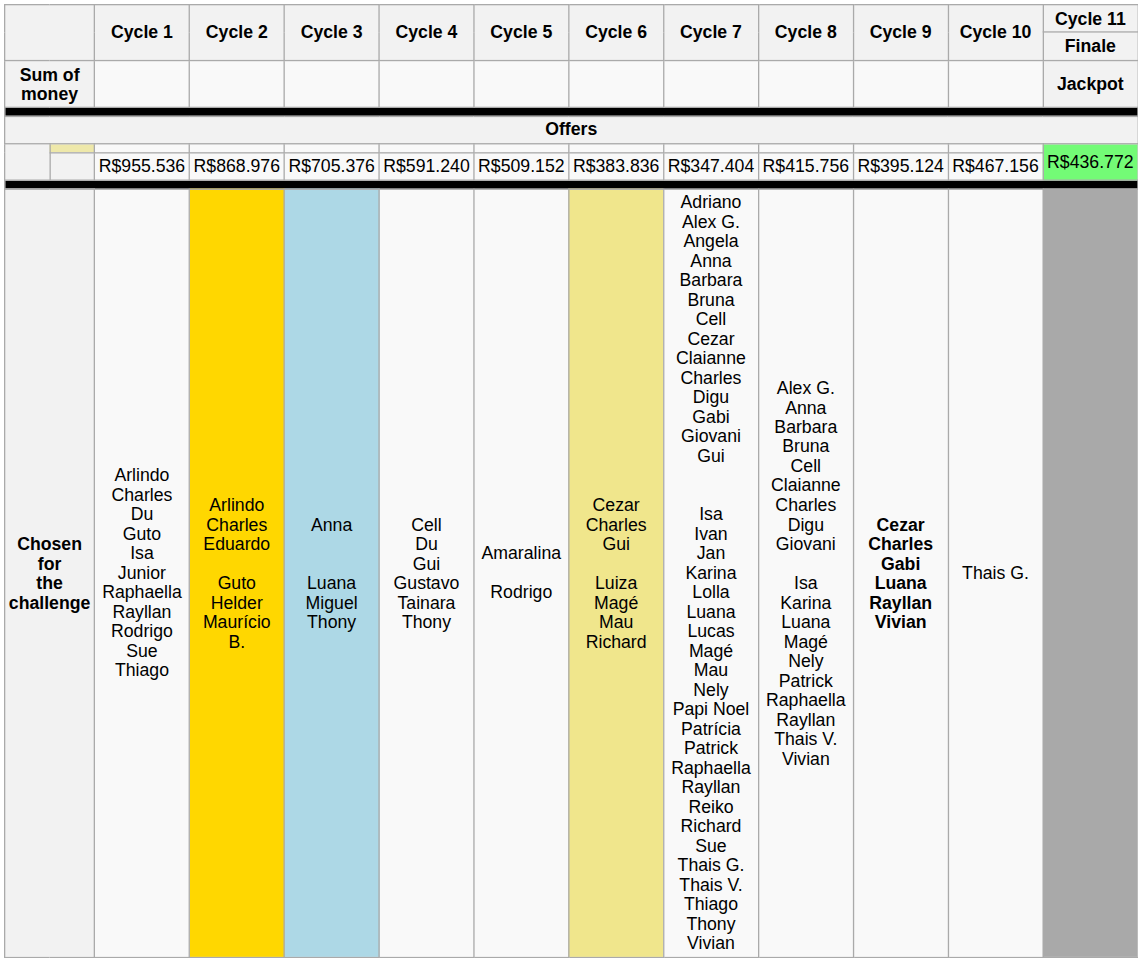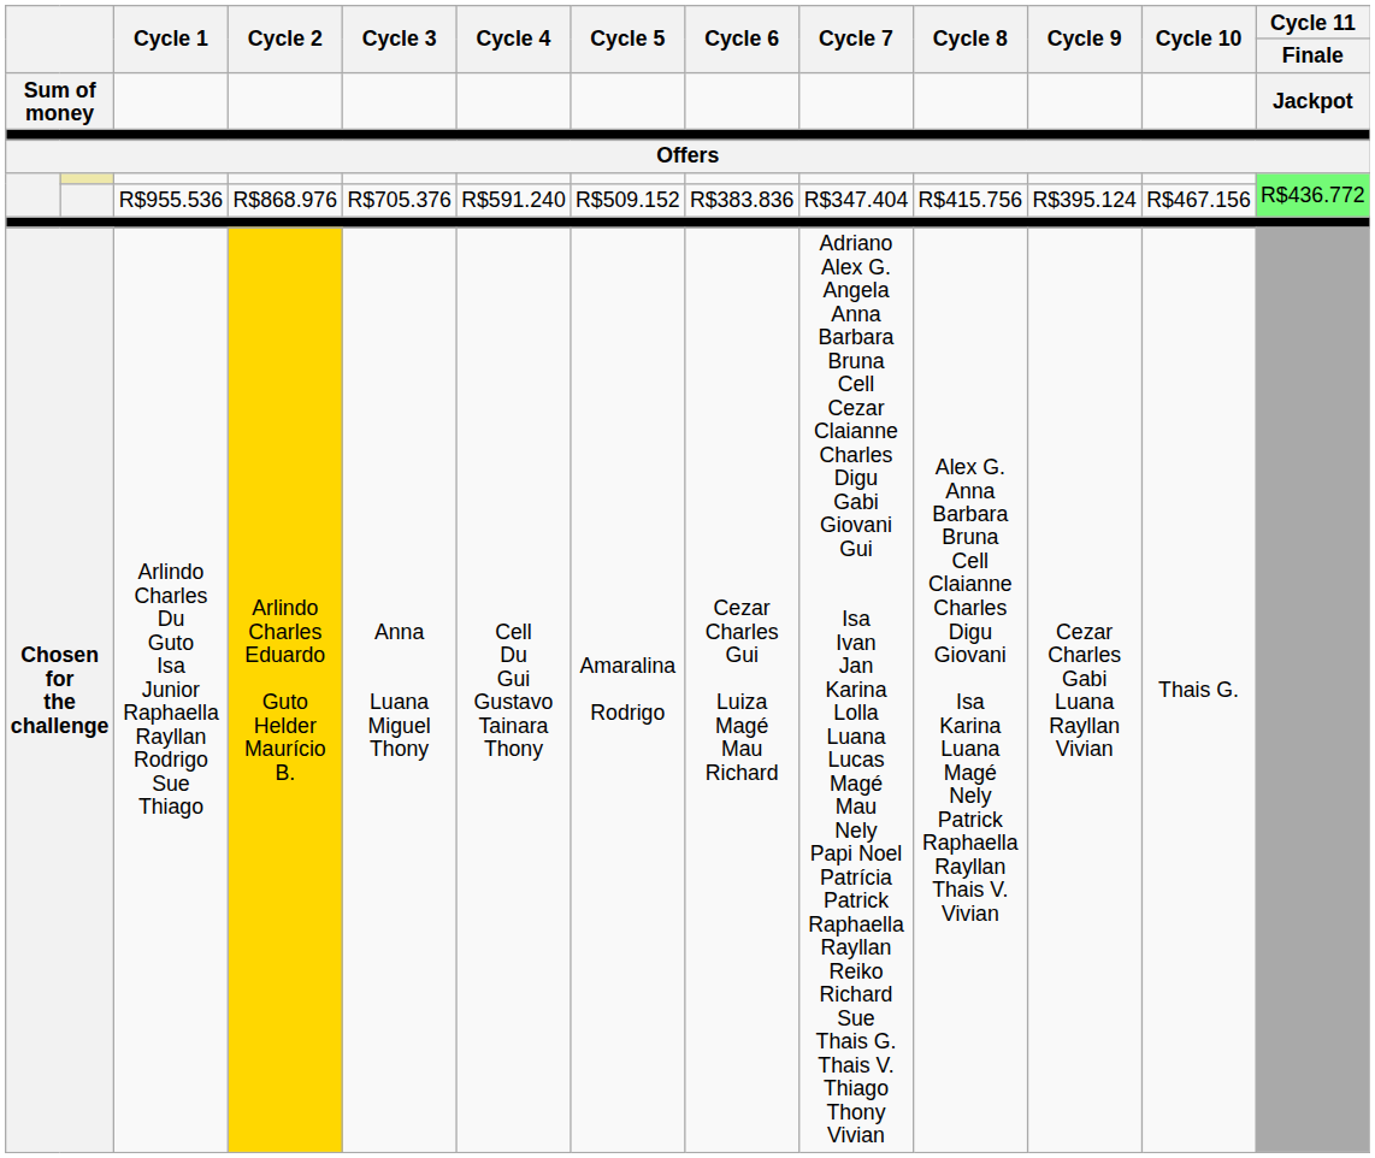 <table class="wikitable" style="text-align:center; font-size:85%; width:100%; line-height:15px;">
 <tr>
 <th rowspan=2 colspan=2 style="width:10.5%"></th>
 <th rowspan=2 style="width:06.0%">Cycle 1</th>
 <th rowspan=2 style="width:06.0%">Cycle 2</th>
 <th rowspan=2 style="width:06.0%">Cycle 3</th>
 <th rowspan=2 style="width:06.0%">Cycle 4</th>
 <th rowspan=2 style="width:06.0%">Cycle 5</th>
 <th rowspan=2 style="width:06.0%">Cycle 6</th>
 <th rowspan=2 style="width:06.0%">Cycle 7</th>
 <th rowspan=2 style="width:06.0%">Cycle 8</th>
 <th rowspan=2 style="width:06.0%">Cycle 9</th>
 <th rowspan=2 style="width:06.0%">Cycle 10</th>
 <th rowspan=1 style="width:06.0%">Cycle 11</th>
 </tr>
 <tr>
 <th style="width:06.0%">Finale</th>
 </tr>
 <tr>
 <th colspan=2>Sum of money</th>
 <td></td>
 <td></td>
 <td></td>
 <td></td>
 <td></td>
 <td></td>
 <td></td>
 <td></td>
 <td></td>
 <td></td>
 <th>Jackpot</th>
 </tr>
 <tr>
 <td bgcolor=000000 colspan=13></td>
 </tr>
 <tr>
 <th colspan=13>Offers</th>
 </tr>
 <tr>
 <th rowspan=2></th>
 <td bgcolor=EEE8AA></td>
 <td></td>
 <td></td>
 <td></td>
 <td></td>
 <td></td>
 <td></td>
 <td></td>
 <td></td>
 <td></td>
 <td></td>
 <td bgcolor=73FB76 rowspan=2>R$436.772</td>
 </tr>
 <tr>
 <th></th>
 <td>R$955.536</td>
 <td>R$868.976</td>
 <td>R$705.376</td>
 <td>R$591.240</td>
 <td>R$509.152</td>
 <td>R$383.836</td>
 <td>R$347.404</td>
 <td>R$415.756</td>
 <td>R$395.124</td>
 <td>R$467.156</td>
 </tr>
 <tr>
 <td bgcolor=000000 colspan=13></td>
 </tr>
 <tr>
 <th colspan=2>Chosen for<br>the challenge</th>
 <td>Arlindo<br>Charles<br>Du<br>Guto<br>Isa<br>Junior<br>Raphaella<br>Rayllan<br>Rodrigo<br>Sue<br>Thiago</td>
 <td style="background: gold;">Arlindo<br>Charles<br>Eduardo<br><br>Guto<br>Helder<br>Maurício B.</td>
-<td style="background: lightblue;">Anna<br><br><br>Luana<br>Miguel<br>Thony</td>
+<td>Anna<br><br><br>Luana<br>Miguel<br>Thony</td>
 <td>Cell<br>Du<br>Gui<br>Gustavo<br>Tainara<br>Thony</td>
 <td>Amaralina<br><br>Rodrigo</td>
-<td style="background: khaki;">Cezar<br>Charles<br>Gui<br><br>Luiza<br>Magé<br>Mau<br>Richard</td>
+<td>Cezar<br>Charles<br>Gui<br><br>Luiza<br>Magé<br>Mau<br>Richard</td>
 <td>Adriano<br>Alex G.<br>Angela<br>Anna<br>Barbara<br>Bruna<br>Cell<br>Cezar<br>Claianne<br>Charles<br>Digu<br>Gabi<br>Giovani<br>Gui<br><br><br>Isa<br>Ivan<br>Jan<br>Karina<br>Lolla<br>Luana<br>Lucas<br>Magé<br>Mau<br>Nely<br>Papi Noel<br>Patrícia<br>Patrick<br>Raphaella<br>Rayllan<br>Reiko<br>Richard<br>Sue<br>Thais G.<br>Thais V.<br>Thiago<br>Thony<br>Vivian</td>
 <td>Alex G.<br>Anna<br>Barbara<br>Bruna<br>Cell<br>Claianne<br>Charles<br>Digu<br>Giovani<br><br>Isa<br>Karina<br>Luana<br>Magé<br>Nely<br>Patrick<br>Raphaella<br>Rayllan<br>Thais V.<br>Vivian</td>
-<td><strong>Cezar<br>Charles<br>Gabi<br>Luana<br>Rayllan<br>Vivian</strong></td>
+<td>Cezar<br>Charles<br>Gabi<br>Luana<br>Rayllan<br>Vivian</td>
 <td>Thais G.</td>
 <td bgcolor=A9A9A9></td>
 </tr>
 </table>
